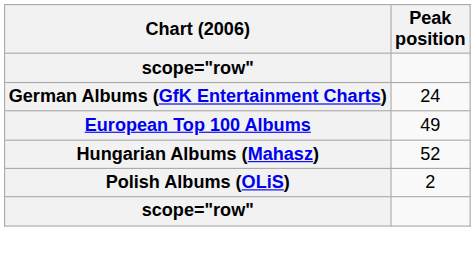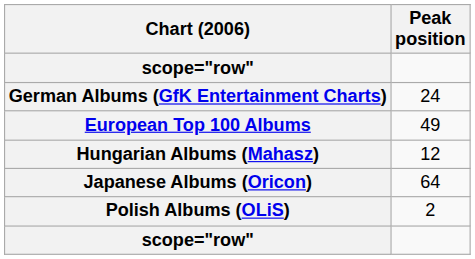 <table class="wikitable sortable plainrowheaders">
 <tr>
 <th>Chart (2006)</th>
 <th>Peak<br>position</th>
 </tr>
 <tr>
 <th>scope="row"</th>
 </tr>
 <tr>
 <th scope="row">German Albums (<a href='#'>GfK Entertainment Charts</a>)</th>
 <td style="text-align:center;">24</td>
 </tr>
 <tr>
 <th scope="row"><a href='#'>European Top 100 Albums</a></th>
 <td style="text-align:center;">49</td>
 </tr>
 <tr>
 <th scope="row">Hungarian Albums (<a href='#'>Mahasz</a>)</th>
-<td style="text-align:center;">52</td>
+<td style="text-align:center;">12</td>
+</tr>
+<tr>
+<th scope="row">Japanese Albums (<a href='#'>Oricon</a>)</th>
+<td style="text-align:center;">64</td>
 </tr>
 <tr>
 <th scope="row">Polish Albums (<a href='#'>OLiS</a>)</th>
 <td style="text-align:center;">2</td>
 </tr>
 <tr>
 <th>scope="row"</th>
 </tr>
 </table>
